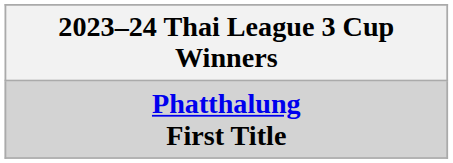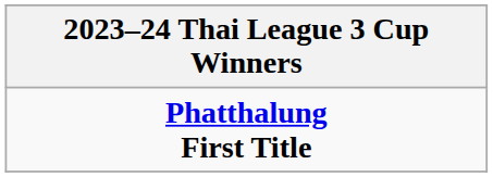 <table class="wikitable" style="text-align: center; margin: 0 auto; width: 20%">
 <tr>
 <th>2023–24 Thai League 3 Cup<br>Winners</th>
 </tr>
 <tr>
-<td align="center" style="background: lightgrey;"><strong><a href='#'>Phatthalung</a></strong><br><strong>First Title</strong></td>
+<td align="center"><strong><a href='#'>Phatthalung</a></strong><br><strong>First Title</strong></td>
 </tr>
 </table>
